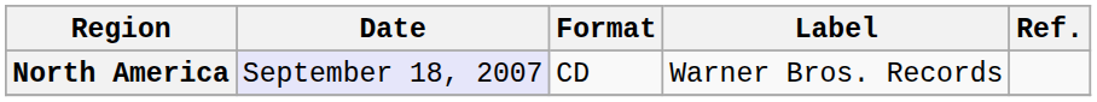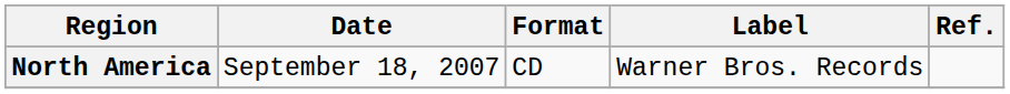 <table class="wikitable plainrowheaders">
 <tr>
 <th scope="col">Region</th>
 <th scope="col">Date</th>
 <th scope="col">Format</th>
 <th scope="col">Label</th>
 <th scope="col">Ref.</th>
 </tr>
 <tr>
 <th scope="row">North America</th>
-<td style="background: lavender;">September 18, 2007</td>
+<td>September 18, 2007</td>
 <td>CD</td>
 <td>Warner Bros. Records</td>
 <td></td>
 </tr>
 <tr>
 </tr>
 </table>
